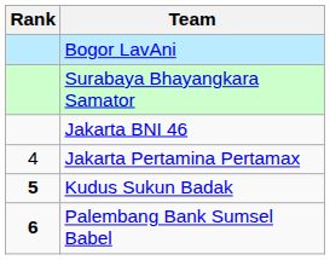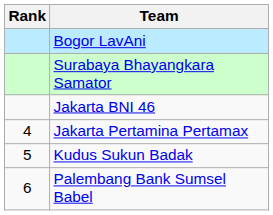 <table class="wikitable" style="text-align:center">
 <tr>
 <th width=40>Rank</th>
 <th width=220>Team</th>
 </tr>
 <tr bgcolor=#BBEBFF>
 <td></td>
 <td style="text-align:left"><a href='#'>Bogor LavAni</a></td>
 </tr>
 <tr bgcolor=#CCFFCC>
 <td></td>
 <td style="text-align:left"><a href='#'>Surabaya Bhayangkara Samator</a></td>
 </tr>
 <tr>
 <td></td>
 <td style="text-align:left"><a href='#'>Jakarta BNI 46</a></td>
 </tr>
 <tr>
 <td>4</td>
 <td style="text-align:left"><a href='#'>Jakarta Pertamina Pertamax</a></td>
 </tr>
 <tr>
-<td><strong>5</strong></td>
+<td>5</td>
 <td style="text-align:left"><a href='#'>Kudus Sukun Badak</a></td>
 </tr>
 <tr>
-<td><strong>6</strong></td>
+<td>6</td>
 <td style="text-align:left"><a href='#'>Palembang Bank Sumsel Babel</a></td>
 </tr>
 </table>
